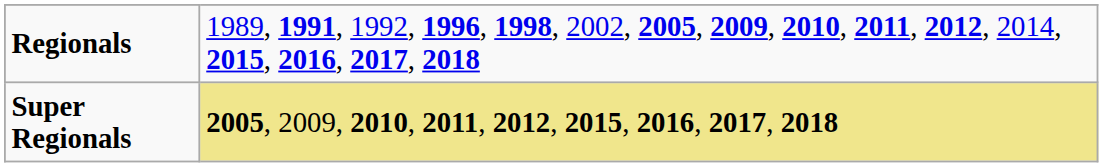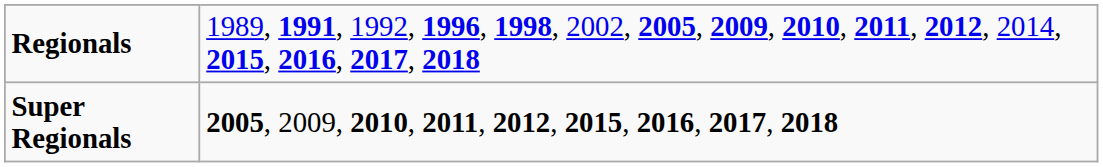 <table class="wikitable">
 <tr>
 <td><strong>Regionals</strong></td>
 <td><a href='#'>1989</a>, <strong><a href='#'>1991</a></strong>, <a href='#'>1992</a>, <strong><a href='#'>1996</a></strong>, <strong><a href='#'>1998</a></strong>, <a href='#'>2002</a>, <strong><a href='#'>2005</a></strong>, <strong><a href='#'>2009</a></strong>, <strong><a href='#'>2010</a></strong>, <strong><a href='#'>2011</a></strong>, <strong><a href='#'>2012</a></strong>, <a href='#'>2014</a>, <strong><a href='#'>2015</a></strong>, <strong><a href='#'>2016</a></strong>, <strong><a href='#'>2017</a></strong>, <strong><a href='#'>2018</a></strong></td>
 </tr>
 <tr>
 <td><strong>Super Regionals</strong></td>
-<td style="background: khaki;"><strong>2005</strong>, 2009, <strong>2010</strong>, <strong>2011</strong>, <strong>2012</strong>, <strong>2015</strong>, <strong>2016</strong>, <strong>2017</strong>, <strong>2018</strong></td>
+<td><strong>2005</strong>, 2009, <strong>2010</strong>, <strong>2011</strong>, <strong>2012</strong>, <strong>2015</strong>, <strong>2016</strong>, <strong>2017</strong>, <strong>2018</strong></td>
 </tr>
 </table>
